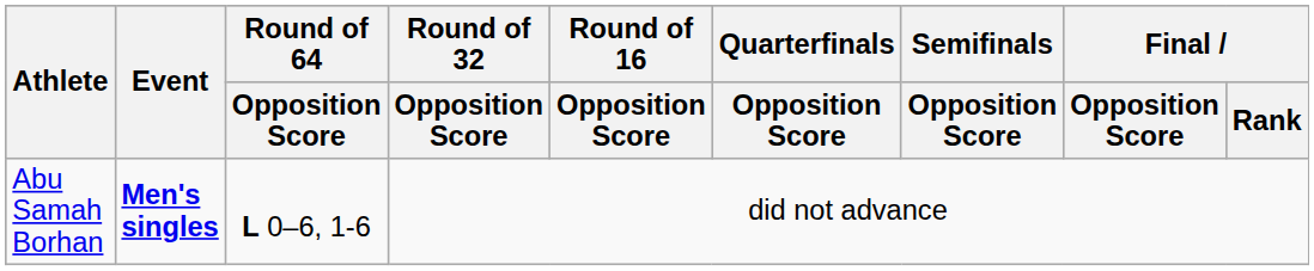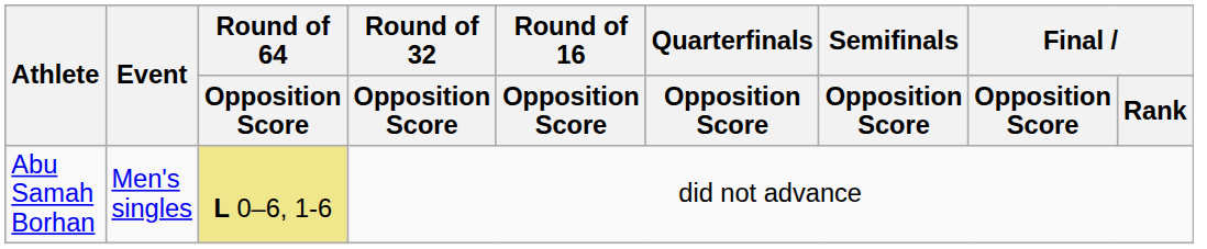 <table class=wikitable style="font-size:90%">
 <tr>
 <th rowspan="2">Athlete</th>
 <th rowspan="2">Event</th>
 <th>Round of 64</th>
 <th>Round of 32</th>
 <th>Round of 16</th>
 <th>Quarterfinals</th>
 <th>Semifinals</th>
 <th colspan="2">Final / </th>
 </tr>
 <tr>
 <th>Opposition<br>Score</th>
 <th>Opposition<br>Score</th>
 <th>Opposition<br>Score</th>
 <th>Opposition<br>Score</th>
 <th>Opposition<br>Score</th>
 <th>Opposition<br>Score</th>
 <th>Rank</th>
 </tr>
 <tr>
 <td><a href='#'>Abu Samah Borhan</a></td>
-<td><strong><a href='#'>Men's singles</a></strong></td>
-<td align="center"><br><strong>L</strong> 0–6, 1-6</td>
+<td><a href='#'>Men's singles</a></td>
+<td align="center" style="background: khaki;"><br><strong>L</strong> 0–6, 1-6</td>
 <td align="center" colspan="6">did not advance</td>
 </tr>
 </table>
